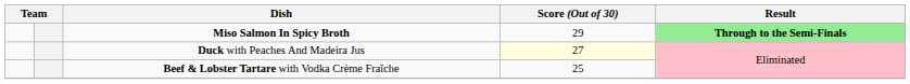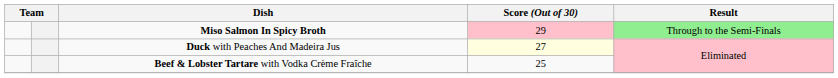 <table class="wikitable plainrowheaders" style="margin:1em auto; text-align:center; font-size:90%; width:80em;">
 <tr>
 <th colspan="2">Team</th>
 <th>Dish</th>
 <th>Score <em>(Out of 30)</em></th>
 <th>Result</th>
 </tr>
 <tr>
 <td></td>
 <th></th>
 <td><strong>Miso Salmon In Spicy Broth</strong></td>
-<td>29</td>
-<td style="background:lightgreen"><strong>Through to the Semi-Finals</strong></td>
+<td style="background: pink;">29</td>
+<td style="background:lightgreen">Through to the Semi-Finals</td>
 </tr>
 <tr>
 <td></td>
 <th></th>
 <td><strong>Duck</strong> with Peaches And Madeira Jus</td>
 <td style="background: lightyellow;">27</td>
 <td style="background:pink" rowspan="2">Eliminated</td>
 </tr>
 <tr>
 <td></td>
 <th></th>
 <td><strong>Beef & Lobster Tartare</strong> with Vodka Crème Fraîche</td>
 <td>25</td>
 </tr>
 <tr>
 </tr>
 </table>
